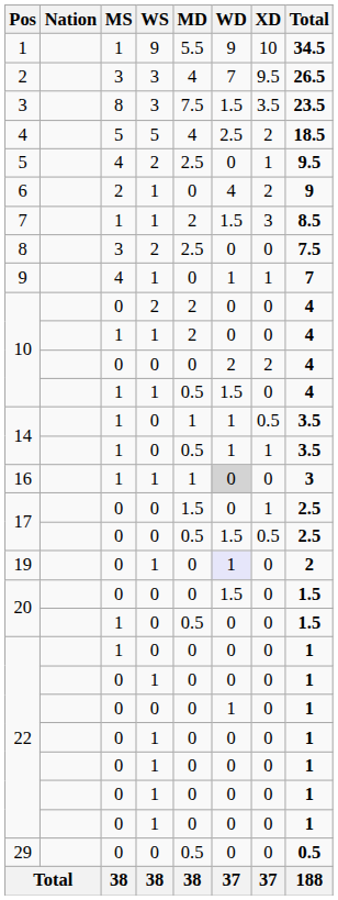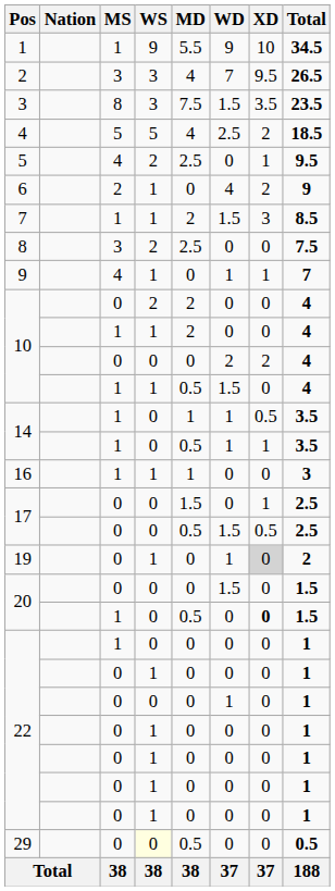 <table class="wikitable" style="text-align:center">
 <tr>
 <th>Pos</th>
 <th>Nation</th>
 <th>MS</th>
 <th>WS</th>
 <th>MD</th>
 <th>WD</th>
 <th>XD</th>
 <th>Total</th>
 </tr>
 <tr>
 <td>1</td>
 <td align="left"></td>
 <td>1</td>
 <td>9</td>
 <td>5.5</td>
 <td>9</td>
 <td>10</td>
 <td><strong>34.5</strong></td>
 </tr>
 <tr>
 <td>2</td>
 <td align="left"></td>
 <td>3</td>
 <td>3</td>
 <td>4</td>
 <td>7</td>
 <td>9.5</td>
 <td><strong>26.5</strong></td>
 </tr>
 <tr>
 <td>3</td>
 <td align="left"></td>
 <td>8</td>
 <td>3</td>
 <td>7.5</td>
 <td>1.5</td>
 <td>3.5</td>
 <td><strong>23.5</strong></td>
 </tr>
 <tr>
 <td>4</td>
 <td align="left"></td>
 <td>5</td>
 <td>5</td>
 <td>4</td>
 <td>2.5</td>
 <td>2</td>
 <td><strong>18.5</strong></td>
 </tr>
 <tr>
 <td>5</td>
 <td align="left"></td>
 <td>4</td>
 <td>2</td>
 <td>2.5</td>
 <td>0</td>
 <td>1</td>
 <td><strong>9.5</strong></td>
 </tr>
 <tr>
 <td>6</td>
 <td align="left"></td>
 <td>2</td>
 <td>1</td>
 <td>0</td>
 <td>4</td>
 <td>2</td>
 <td><strong>9</strong></td>
 </tr>
 <tr>
 <td>7</td>
 <td align="left"></td>
 <td>1</td>
 <td>1</td>
 <td>2</td>
 <td>1.5</td>
 <td>3</td>
 <td><strong>8.5</strong></td>
 </tr>
 <tr>
 <td>8</td>
 <td align="left"></td>
 <td>3</td>
 <td>2</td>
 <td>2.5</td>
 <td>0</td>
 <td>0</td>
 <td><strong>7.5</strong></td>
 </tr>
 <tr>
 <td>9</td>
 <td align="left"></td>
 <td>4</td>
 <td>1</td>
 <td>0</td>
 <td>1</td>
 <td>1</td>
 <td><strong>7</strong></td>
 </tr>
 <tr>
 <td rowspan=4>10</td>
 <td align="left"></td>
 <td>0</td>
 <td>2</td>
 <td>2</td>
 <td>0</td>
 <td>0</td>
 <td><strong>4</strong></td>
 </tr>
 <tr>
 <td align="left"></td>
 <td>1</td>
 <td>1</td>
 <td>2</td>
 <td>0</td>
 <td>0</td>
 <td><strong>4</strong></td>
 </tr>
 <tr>
 <td align="left"></td>
 <td>0</td>
 <td>0</td>
 <td>0</td>
 <td>2</td>
 <td>2</td>
 <td><strong>4</strong></td>
 </tr>
 <tr>
 <td align="left"></td>
 <td>1</td>
 <td>1</td>
 <td>0.5</td>
 <td>1.5</td>
 <td>0</td>
 <td><strong>4</strong></td>
 </tr>
 <tr>
 <td rowspan=2>14</td>
 <td align="left"><strong></strong></td>
 <td>1</td>
 <td>0</td>
 <td>1</td>
 <td>1</td>
 <td>0.5</td>
 <td><strong>3.5</strong></td>
 </tr>
 <tr>
 <td align="left"></td>
 <td>1</td>
 <td>0</td>
 <td>0.5</td>
 <td>1</td>
 <td>1</td>
 <td><strong>3.5</strong></td>
 </tr>
 <tr>
 <td>16</td>
 <td align="left"></td>
 <td>1</td>
 <td>1</td>
 <td>1</td>
-<td style="background: lightgrey;">0</td>
+<td>0</td>
 <td>0</td>
 <td><strong>3</strong></td>
 </tr>
 <tr>
 <td rowspan=2>17</td>
 <td align="left"></td>
 <td>0</td>
 <td>0</td>
 <td>1.5</td>
 <td>0</td>
 <td>1</td>
 <td><strong>2.5</strong></td>
 </tr>
 <tr>
 <td align="left"></td>
 <td>0</td>
 <td>0</td>
 <td>0.5</td>
 <td>1.5</td>
 <td>0.5</td>
 <td><strong>2.5</strong></td>
 </tr>
 <tr>
 <td>19</td>
 <td align="left"><em></em></td>
 <td>0</td>
 <td>1</td>
 <td>0</td>
-<td style="background: lavender;">1</td>
-<td>0</td>
+<td>1</td>
+<td style="background: lightgrey;">0</td>
 <td><strong>2</strong></td>
 </tr>
 <tr>
 <td rowspan=2>20</td>
 <td align="left"></td>
 <td>0</td>
 <td>0</td>
 <td>0</td>
 <td>1.5</td>
 <td>0</td>
 <td><strong>1.5</strong></td>
 </tr>
 <tr>
 <td align="left"></td>
 <td>1</td>
 <td>0</td>
 <td>0.5</td>
 <td>0</td>
-<td>0</td>
+<td><strong>0</strong></td>
 <td><strong>1.5</strong></td>
 </tr>
 <tr>
 <td rowspan="7">22</td>
 <td align="left"></td>
 <td>1</td>
 <td>0</td>
 <td>0</td>
 <td>0</td>
 <td>0</td>
 <td><strong>1</strong></td>
 </tr>
 <tr>
 <td align="left"></td>
 <td>0</td>
 <td>1</td>
 <td>0</td>
 <td>0</td>
 <td>0</td>
 <td><strong>1</strong></td>
 </tr>
 <tr>
 <td align="left"></td>
 <td>0</td>
 <td>0</td>
 <td>0</td>
 <td>1</td>
 <td>0</td>
 <td><strong>1</strong></td>
 </tr>
 <tr>
 <td align="left"></td>
 <td>0</td>
 <td>1</td>
 <td>0</td>
 <td>0</td>
 <td>0</td>
 <td><strong>1</strong></td>
 </tr>
 <tr>
 <td align="left"></td>
 <td>0</td>
 <td>1</td>
 <td>0</td>
 <td>0</td>
 <td>0</td>
 <td><strong>1</strong></td>
 </tr>
 <tr>
 <td align="left"></td>
 <td>0</td>
 <td>1</td>
 <td>0</td>
 <td>0</td>
 <td>0</td>
 <td><strong>1</strong></td>
 </tr>
 <tr>
 <td align="left"></td>
 <td>0</td>
 <td>1</td>
 <td>0</td>
 <td>0</td>
 <td>0</td>
 <td><strong>1</strong></td>
 </tr>
 <tr>
 <td>29</td>
 <td align="left"></td>
 <td>0</td>
-<td>0</td>
+<td style="background: lightyellow;">0</td>
 <td>0.5</td>
 <td>0</td>
 <td>0</td>
 <td><strong>0.5</strong></td>
 </tr>
 <tr>
 <th colspan="2">Total</th>
 <th>38</th>
 <th>38</th>
 <th>38</th>
 <th>37</th>
 <th>37</th>
 <th>188</th>
 </tr>
 </table>
